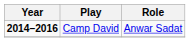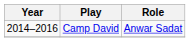 <table class="wikitable">
 <tr>
 <th>Year</th>
 <th>Play</th>
 <th>Role</th>
 </tr>
 <tr>
-<td><strong>2014–2016</strong></td>
+<td>2014–2016</td>
 <td><a href='#'>Camp David</a></td>
 <td><a href='#'>Anwar Sadat</a></td>
 </tr>
 <tr>
 </tr>
 </table>
